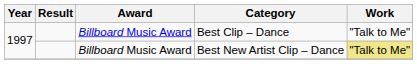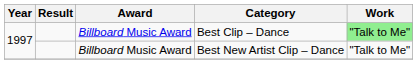 <table class="wikitable">
 <tr>
 <th>Year</th>
 <th>Result</th>
 <th>Award</th>
 <th>Category</th>
 <th>Work</th>
 </tr>
 <tr>
 <td rowspan=2>1997</td>
 <td></td>
 <td><a href='#'><em>Billboard</em> Music Award</a></td>
 <td>Best Clip – Dance</td>
-<td>"Talk to Me"</td>
+<td style="background: lightgreen;">"Talk to Me"</td>
 </tr>
 <tr>
 <td></td>
 <td><em>Billboard</em> Music Award</td>
 <td>Best New Artist Clip – Dance</td>
-<td style="background: khaki;">"Talk to Me"</td>
+<td>"Talk to Me"</td>
 </tr>
 <tr>
 </tr>
 </table>
